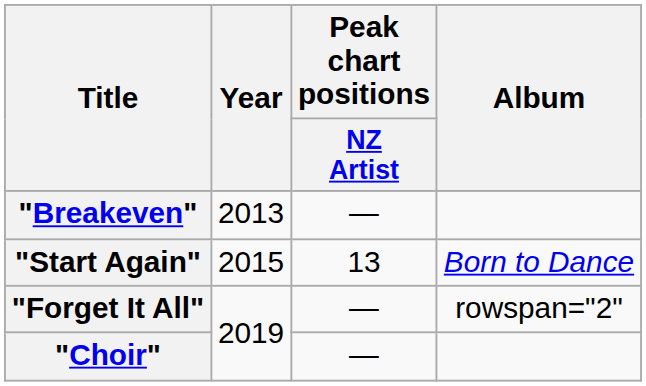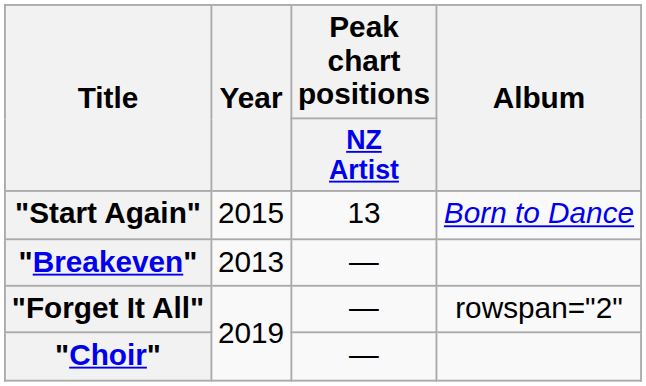 <table class="wikitable plainrowheaders" style="text-align:center;">
 <tr>
 <th scope="col" rowspan="2">Title</th>
 <th scope="col" rowspan="2">Year</th>
 <th scope="col" colspan="1">Peak chart positions</th>
 <th scope="col" rowspan="2">Album</th>
 </tr>
 <tr>
 <th style="width:2.5em;font-size:90%;"><a href='#'>NZ<br>Artist</a><br></th>
 </tr>
 <tr>
+<th scope="row">"Start Again"<br></th>
+<td>2015</td>
+<td>13</td>
+<td><em><a href='#'>Born to Dance</a></em></td>
+</tr>
+<tr>
 <th scope="row">"<a href='#'>Breakeven</a>"<br></th>
 <td>2013</td>
 <td>—</td>
 <td></td>
-</tr>
-<tr>
-<th scope="row">"Start Again"<br></th>
-<td>2015</td>
-<td>13</td>
-<td><em><a href='#'>Born to Dance</a></em></td>
 </tr>
 <tr>
 <th scope="row">"Forget It All"<br></th>
 <td rowspan="2">2019</td>
 <td>—</td>
 <td>rowspan="2" </td>
 </tr>
 <tr>
 <th scope="row">"<a href='#'>Choir</a>"<br></th>
 <td>—</td>
 </tr>
 </table>
